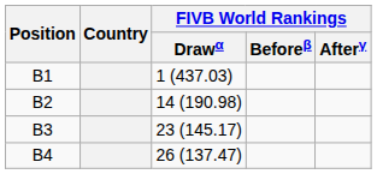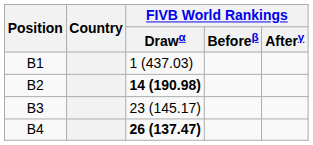 <table class="wikitable sortable plainrowheaders sticky-header col3right col4center col5center col6center" style="font-size:90%; white-space:nowrap">
 <tr>
 <th rowspan=2>Position</th>
 <th rowspan=2>Country</th>
 <th colspan=3><a href='#'>FIVB World Rankings</a></th>
 </tr>
 <tr>
 <th>Draw<sup><strong><a href='#'>α</a></strong></sup></th>
 <th>Before<sup><strong><a href='#'>β</a></strong></sup></th>
 <th>After<sup><strong><a href='#'>γ</a></strong></sup></th>
 </tr>
 <tr>
 <td style="text-align:center">B1</td>
 <th scope="row"></th>
 <td>1 (437.03)</td>
 <td></td>
 <td></td>
 </tr>
 <tr>
 <td style="text-align:center">B2</td>
 <th scope="row"></th>
-<td>14 (190.98)</td>
+<td><strong>14 (190.98)</strong></td>
 <td></td>
 <td></td>
 </tr>
 <tr>
 <td style="text-align:center">B3</td>
 <th scope="row"></th>
 <td>23 (145.17)</td>
 <td></td>
 <td></td>
 </tr>
 <tr>
 <td style="text-align:center">B4</td>
 <th scope="row"></th>
-<td>26 (137.47)</td>
+<td><strong>26 (137.47)</strong></td>
 <td></td>
 <td></td>
 </tr>
 </table>
